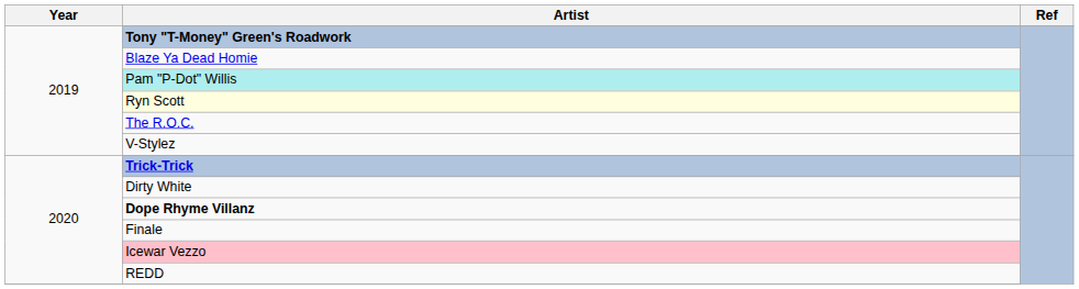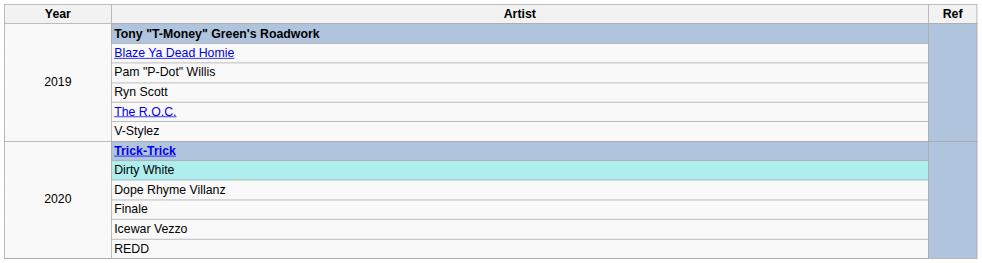 <table class="wikitable" style="width:100%;">
 <tr>
 <th style="width:11%;">Year</th>
 <th style="width:84%;">Artist</th>
 <th style="width:5%;">Ref</th>
 </tr>
 <tr>
 <td rowspan="7" align="center">2019</td>
 </tr>
 <tr style="background:#B0C4DE">
 <td><strong>Tony "T-Money" Green's Roadwork</strong></td>
 <td rowspan="6" align="center"></td>
 </tr>
 <tr>
 <td><a href='#'>Blaze Ya Dead Homie</a></td>
 </tr>
 <tr>
-<td style="background: paleturquoise;">Pam "P-Dot" Willis</td>
+<td>Pam "P-Dot" Willis</td>
 </tr>
 <tr>
-<td style="background: lightyellow;">Ryn Scott</td>
+<td>Ryn Scott</td>
 </tr>
 <tr>
 <td><a href='#'>The R.O.C.</a></td>
 </tr>
 <tr>
 <td>V-Stylez</td>
 </tr>
 <tr>
 <td rowspan="7" align="center">2020</td>
 </tr>
 <tr style="background:#B0C4DE">
 <td><strong><a href='#'>Trick-Trick</a></strong></td>
 <td rowspan="7" align="center"></td>
 </tr>
 <tr>
-<td>Dirty White</td>
+<td style="background: paleturquoise;">Dirty White</td>
 </tr>
 <tr>
-<td><strong>Dope Rhyme Villanz</strong></td>
+<td>Dope Rhyme Villanz</td>
 </tr>
 <tr>
 <td>Finale</td>
 </tr>
 <tr>
-<td style="background: pink;">Icewar Vezzo</td>
+<td>Icewar Vezzo</td>
 </tr>
 <tr>
 <td>REDD</td>
 </tr>
 <tr>
 </tr>
 </table>
